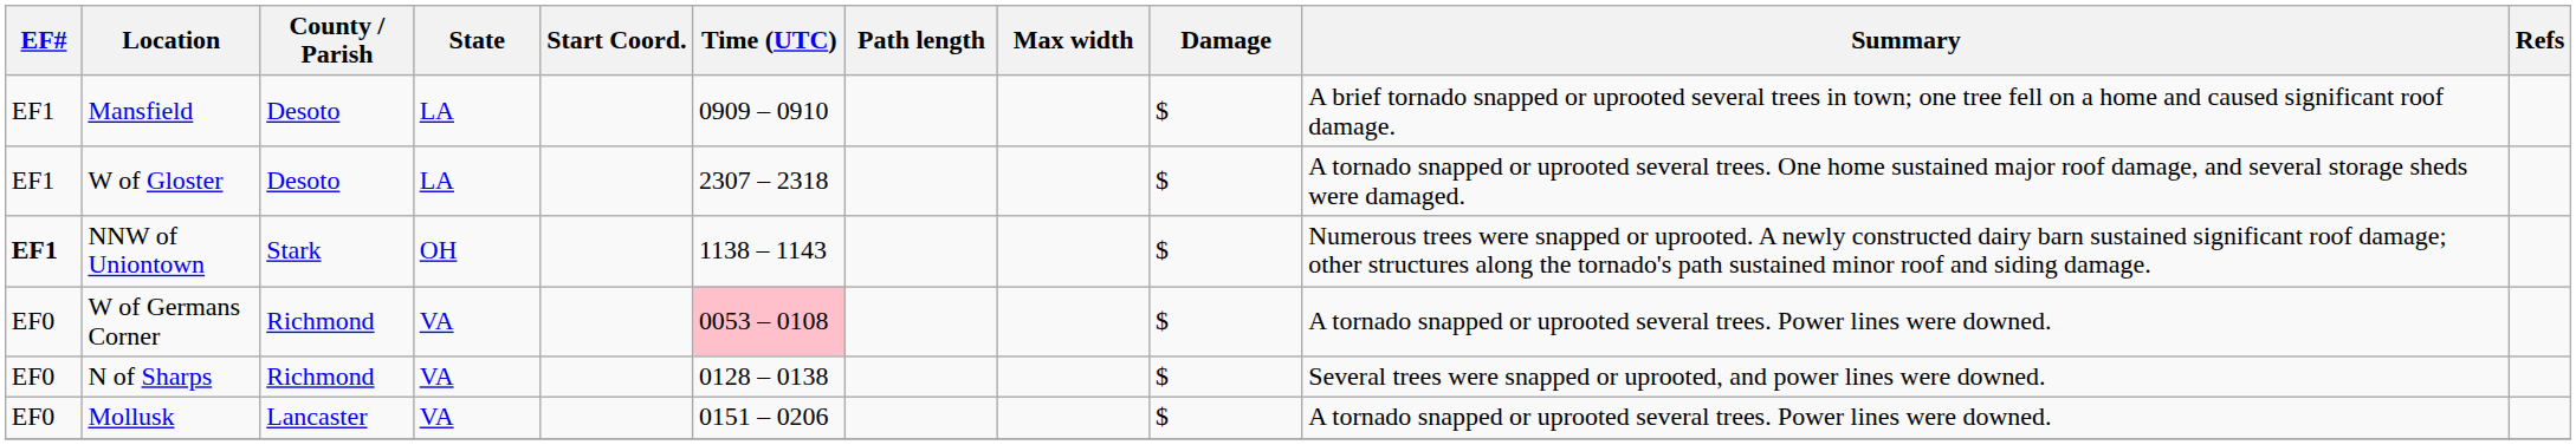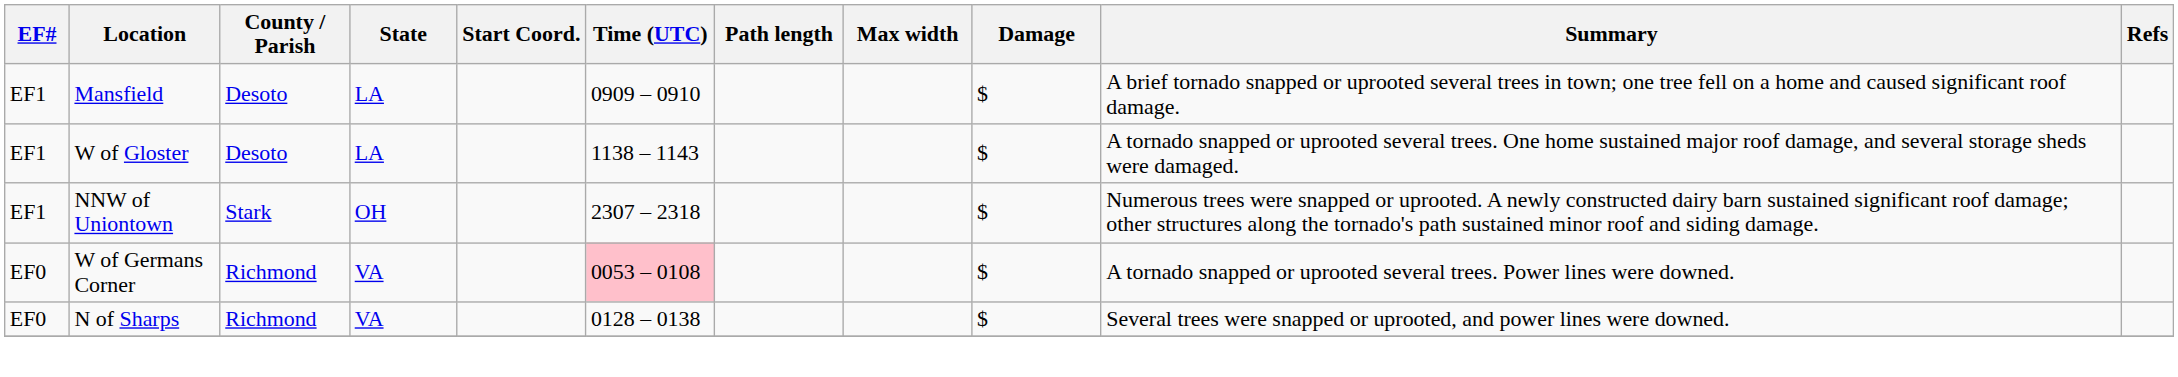 <table class="wikitable sortable" style="width:100%;">
 <tr>
 <th scope="col" width="3%" align="center"><a href='#'>EF#</a></th>
 <th scope="col" width="7%" align="center" class="unsortable">Location</th>
 <th scope="col" width="6%" align="center" class="unsortable">County / Parish</th>
 <th scope="col" width="5%" align="center">State</th>
 <th scope="col" width="6%" align="center">Start Coord.</th>
 <th scope="col" width="6%" align="center">Time (<a href='#'>UTC</a>)</th>
 <th scope="col" width="6%" align="center">Path length</th>
 <th scope="col" width="6%" align="center">Max width</th>
 <th scope="col" width="6%" align="center">Damage</th>
 <th scope="col" width="48%" class="unsortable" align="center">Summary</th>
 <th scope="col" width="48%" class="unsortable" align="center">Refs</th>
 </tr>
 <tr>
 <td>EF1</td>
 <td><a href='#'>Mansfield</a></td>
 <td><a href='#'>Desoto</a></td>
 <td><a href='#'>LA</a></td>
 <td></td>
 <td>0909 – 0910</td>
 <td></td>
 <td></td>
 <td>$</td>
 <td>A brief tornado snapped or uprooted several trees in town; one tree fell on a home and caused significant roof damage.</td>
 <td></td>
 </tr>
 <tr>
 <td>EF1</td>
 <td>W of <a href='#'>Gloster</a></td>
 <td><a href='#'>Desoto</a></td>
 <td><a href='#'>LA</a></td>
 <td></td>
-<td>2307 – 2318</td>
+<td>1138 – 1143</td>
 <td></td>
 <td></td>
 <td>$</td>
 <td>A tornado snapped or uprooted several trees. One home sustained major roof damage, and several storage sheds were damaged.</td>
 <td></td>
 </tr>
 <tr>
-<td><strong>EF1</strong></td>
+<td>EF1</td>
 <td>NNW of <a href='#'>Uniontown</a></td>
 <td><a href='#'>Stark</a></td>
 <td><a href='#'>OH</a></td>
 <td></td>
-<td>1138 – 1143</td>
+<td>2307 – 2318</td>
 <td></td>
 <td></td>
 <td>$</td>
 <td>Numerous trees were snapped or uprooted. A newly constructed dairy barn sustained significant roof damage; other structures along the tornado's path sustained minor roof and siding damage.</td>
 <td></td>
 </tr>
 <tr>
 <td>EF0</td>
 <td>W of Germans Corner</td>
 <td><a href='#'>Richmond</a></td>
 <td><a href='#'>VA</a></td>
 <td></td>
 <td style="background: pink;">0053 – 0108</td>
 <td></td>
 <td></td>
 <td>$</td>
 <td>A tornado snapped or uprooted several trees. Power lines were downed.</td>
 <td></td>
 </tr>
 <tr>
 <td>EF0</td>
 <td>N of <a href='#'>Sharps</a></td>
 <td><a href='#'>Richmond</a></td>
 <td><a href='#'>VA</a></td>
 <td></td>
 <td>0128 – 0138</td>
 <td></td>
 <td></td>
 <td>$</td>
 <td>Several trees were snapped or uprooted, and power lines were downed.</td>
 <td></td>
 </tr>
 <tr>
-<td>EF0</td>
-<td><a href='#'>Mollusk</a></td>
-<td><a href='#'>Lancaster</a></td>
-<td><a href='#'>VA</a></td>
-<td></td>
-<td>0151 – 0206</td>
-<td></td>
-<td></td>
-<td>$</td>
-<td>A tornado snapped or uprooted several trees. Power lines were downed.</td>
-<td></td>
-</tr>
-<tr>
 </tr>
 </table>
